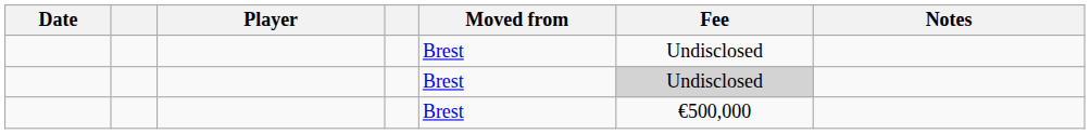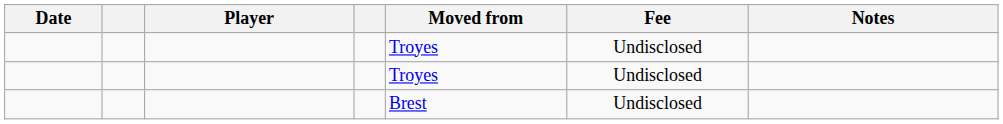 <table class="wikitable sortable">
 <tr>
 <th style="width:80px;">Date</th>
 <th style="width:30px;"></th>
 <th style="width:180px;">Player</th>
 <th style="width:20px;"></th>
 <th style="width:155px;">Moved from</th>
 <th style="width:155px;" class="unsortable">Fee</th>
 <th style="width:215px;" class="unsortable">Notes</th>
 </tr>
 <tr>
 <td></td>
 <td align=center></td>
 <td> </td>
 <td></td>
-<td> <a href='#'>Brest</a></td>
+<td> <a href='#'>Troyes</a></td>
+<td align=center>Undisclosed</td>
+<td align=center></td>
+</tr>
+<tr>
+<td></td>
+<td align=center></td>
+<td> </td>
+<td></td>
+<td> <a href='#'>Troyes</a></td>
 <td align=center>Undisclosed</td>
 <td align=center></td>
 </tr>
 <tr>
 <td></td>
 <td align=center></td>
 <td> </td>
 <td></td>
 <td> <a href='#'>Brest</a></td>
-<td align=center style="background: lightgrey;">Undisclosed</td>
-<td align=center></td>
-</tr>
-<tr>
-<td></td>
-<td align=center></td>
-<td> </td>
-<td></td>
-<td> <a href='#'>Brest</a></td>
-<td align=center>€500,000</td>
+<td align=center>Undisclosed</td>
 <td align=center></td>
 </tr>
 </table>
